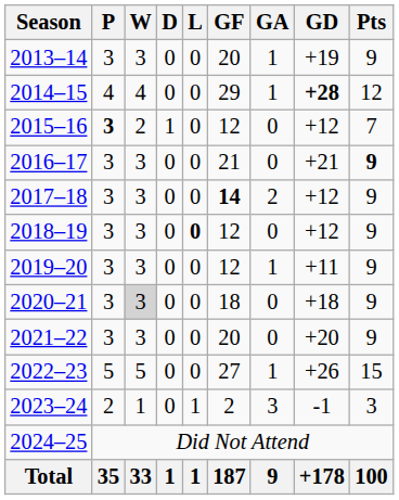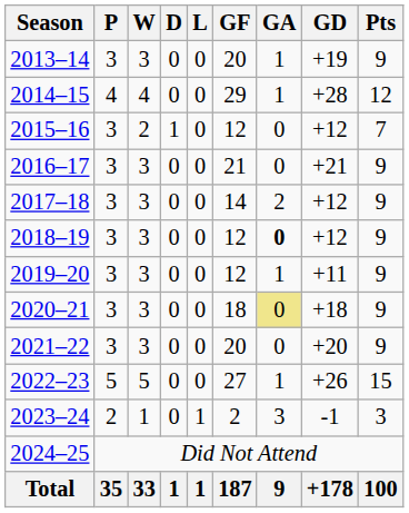 <table class="wikitable sortable" style="text-align: center;">
 <tr>
 <th>Season</th>
 <th>P</th>
 <th>W</th>
 <th>D</th>
 <th>L</th>
 <th>GF</th>
 <th>GA</th>
 <th>GD</th>
 <th>Pts</th>
 </tr>
 <tr>
 <td><a href='#'>2013–14</a></td>
 <td>3</td>
 <td>3</td>
 <td>0</td>
 <td>0</td>
 <td>20</td>
 <td>1</td>
 <td>+19</td>
 <td>9</td>
 </tr>
 <tr>
 <td><a href='#'>2014–15</a></td>
 <td>4</td>
 <td>4</td>
 <td>0</td>
 <td>0</td>
 <td>29</td>
 <td>1</td>
-<td><strong>+28</strong></td>
+<td>+28</td>
 <td>12</td>
 </tr>
 <tr>
 <td><a href='#'>2015–16</a></td>
-<td><strong>3</strong></td>
+<td>3</td>
 <td>2</td>
 <td>1</td>
 <td>0</td>
 <td>12</td>
 <td>0</td>
 <td>+12</td>
 <td>7</td>
 </tr>
 <tr>
 <td><a href='#'>2016–17</a></td>
 <td>3</td>
 <td>3</td>
 <td>0</td>
 <td>0</td>
 <td>21</td>
 <td>0</td>
 <td>+21</td>
-<td><strong>9</strong></td>
+<td>9</td>
 </tr>
 <tr>
 <td><a href='#'>2017–18</a></td>
 <td>3</td>
 <td>3</td>
 <td>0</td>
 <td>0</td>
-<td><strong>14</strong></td>
+<td>14</td>
 <td>2</td>
 <td>+12</td>
 <td>9</td>
 </tr>
 <tr>
 <td><a href='#'>2018–19</a></td>
 <td>3</td>
 <td>3</td>
 <td>0</td>
+<td>0</td>
+<td>12</td>
 <td><strong>0</strong></td>
-<td>12</td>
-<td>0</td>
 <td>+12</td>
 <td>9</td>
 </tr>
 <tr>
 <td><a href='#'>2019–20</a></td>
 <td>3</td>
 <td>3</td>
 <td>0</td>
 <td>0</td>
 <td>12</td>
 <td>1</td>
 <td>+11</td>
 <td>9</td>
 </tr>
 <tr>
 <td><a href='#'>2020–21</a></td>
 <td>3</td>
-<td style="background: lightgrey;">3</td>
+<td>3</td>
 <td>0</td>
 <td>0</td>
 <td>18</td>
-<td>0</td>
+<td style="background: khaki;">0</td>
 <td>+18</td>
 <td>9</td>
 </tr>
 <tr>
 <td><a href='#'>2021–22</a></td>
 <td>3</td>
 <td>3</td>
 <td>0</td>
 <td>0</td>
 <td>20</td>
 <td>0</td>
 <td>+20</td>
 <td>9</td>
 </tr>
 <tr>
 <td><a href='#'>2022–23</a></td>
 <td>5</td>
 <td>5</td>
 <td>0</td>
 <td>0</td>
 <td>27</td>
 <td>1</td>
 <td>+26</td>
 <td>15</td>
 </tr>
 <tr>
 <td><a href='#'>2023–24</a></td>
 <td>2</td>
 <td>1</td>
 <td>0</td>
 <td>1</td>
 <td>2</td>
 <td>3</td>
 <td>-1</td>
 <td>3</td>
 </tr>
 <tr>
 <td><a href='#'>2024–25</a></td>
 <td colspan=8><em>Did Not Attend</em></td>
 </tr>
 <tr>
 <th colspan="1">Total</th>
 <th>35</th>
 <th>33</th>
 <th>1</th>
 <th>1</th>
 <th>187</th>
 <th>9</th>
 <th>+178</th>
 <th>100</th>
 </tr>
 </table>
